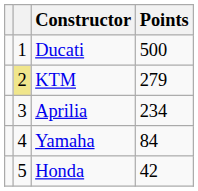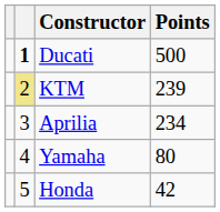 <table class="wikitable" style="font-size: 95%;">
 <tr>
 <th></th>
 <th></th>
 <th>Constructor</th>
 <th>Points</th>
 </tr>
 <tr>
 <td></td>
-<td align=center>1</td>
+<td align=center><strong>1</strong></td>
 <td> <a href='#'>Ducati</a></td>
 <td align=left>500</td>
 </tr>
 <tr>
 <td></td>
 <td align=center style="background: khaki;">2</td>
 <td> <a href='#'>KTM</a></td>
-<td align=left>279</td>
+<td align=left>239</td>
 </tr>
 <tr>
 <td></td>
 <td align=center>3</td>
 <td> <a href='#'>Aprilia</a></td>
 <td align=left>234</td>
 </tr>
 <tr>
 <td></td>
 <td align=center>4</td>
 <td> <a href='#'>Yamaha</a></td>
-<td align=left>84</td>
+<td align=left>80</td>
 </tr>
 <tr>
 <td></td>
 <td align=center>5</td>
 <td> <a href='#'>Honda</a></td>
 <td align=left>42</td>
 </tr>
 </table>
